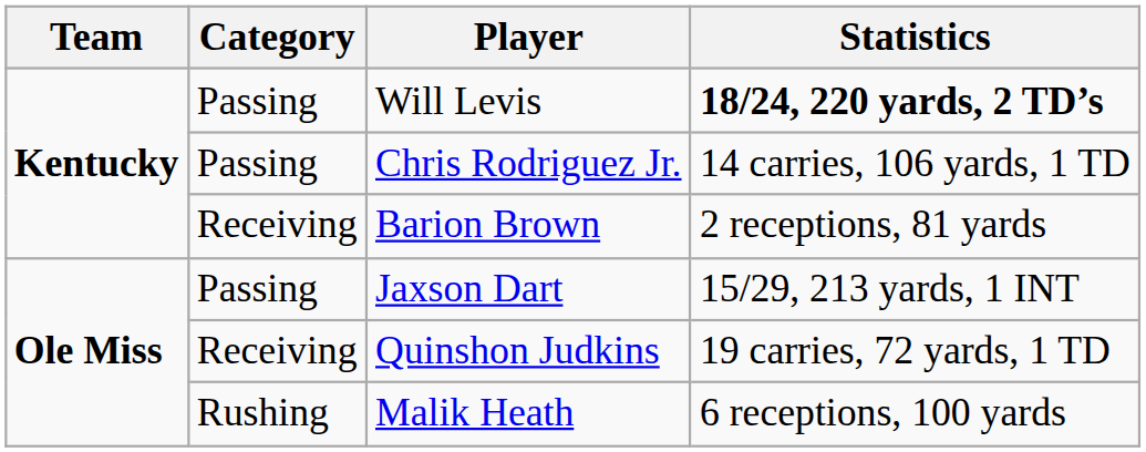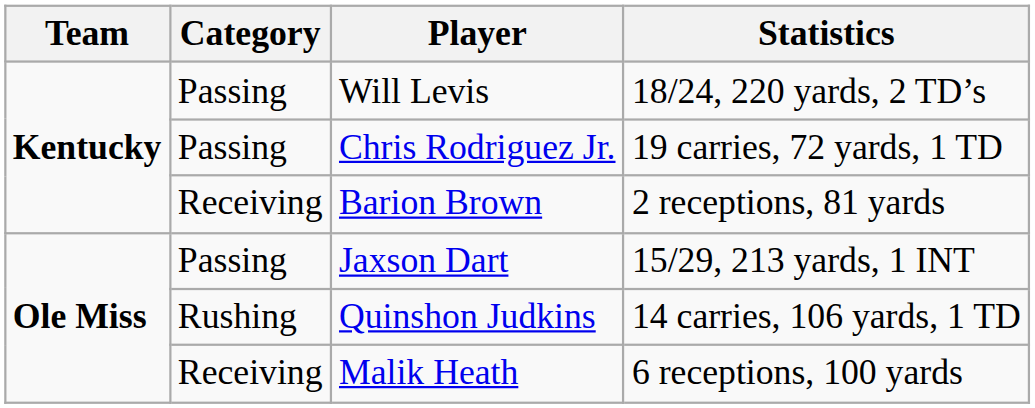 <table class="wikitable" style="float: right;">
 <tr>
 <th>Team</th>
 <th>Category</th>
 <th>Player</th>
 <th>Statistics</th>
 </tr>
 <tr>
 <td rowspan=3><strong>Kentucky</strong></td>
 <td>Passing</td>
 <td>Will Levis</td>
-<td><strong>18/24, 220 yards, 2 TD’s</strong></td>
+<td>18/24, 220 yards, 2 TD’s</td>
 </tr>
 <tr>
 <td>Passing</td>
 <td><a href='#'>Chris Rodriguez Jr.</a></td>
-<td>14 carries, 106 yards, 1 TD</td>
+<td>19 carries, 72 yards, 1 TD</td>
 </tr>
 <tr>
 <td>Receiving</td>
 <td><a href='#'>Barion Brown</a></td>
 <td>2 receptions, 81 yards</td>
 </tr>
 <tr>
 <td rowspan=3><strong>Ole Miss</strong></td>
 <td>Passing</td>
 <td><a href='#'>Jaxson Dart</a></td>
 <td>15/29, 213 yards, 1 INT</td>
 </tr>
 <tr>
-<td>Receiving</td>
+<td>Rushing</td>
 <td><a href='#'>Quinshon Judkins</a></td>
-<td>19 carries, 72 yards, 1 TD</td>
+<td>14 carries, 106 yards, 1 TD</td>
 </tr>
 <tr>
-<td>Rushing</td>
+<td>Receiving</td>
 <td><a href='#'>Malik Heath</a></td>
 <td>6 receptions, 100 yards</td>
 </tr>
 </table>
